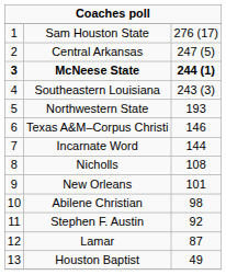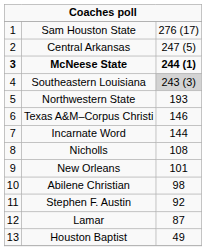 <table class="wikitable">
 <tr align="center">
 <td align="center" Colspan="3"><strong>Coaches poll</strong></td>
 </tr>
 <tr align="center">
 </tr>
 <tr align="center">
 <td>1</td>
 <td>Sam Houston State</td>
 <td>276 (17)</td>
 </tr>
 <tr align="center">
 <td>2</td>
 <td>Central Arkansas</td>
 <td>247 (5)</td>
 </tr>
 <tr align="center">
 <td><strong>3</strong></td>
 <td><strong>McNeese State</strong></td>
 <td><strong>244 (1)</strong></td>
 </tr>
 <tr align="center">
 <td>4</td>
 <td>Southeastern Louisiana</td>
-<td>243 (3)</td>
+<td style="background: lightgrey;">243 (3)</td>
 </tr>
 <tr align="center">
 <td>5</td>
 <td>Northwestern State</td>
 <td>193</td>
 </tr>
 <tr align="center">
 <td>6</td>
 <td>Texas A&M–Corpus Christi</td>
 <td>146</td>
 </tr>
 <tr align="center">
 <td>7</td>
 <td>Incarnate Word</td>
 <td>144</td>
 </tr>
 <tr align="center">
 <td>8</td>
 <td>Nicholls</td>
 <td>108</td>
 </tr>
 <tr align="center">
 <td>9</td>
 <td>New Orleans</td>
 <td>101</td>
 </tr>
 <tr align="center">
 <td>10</td>
 <td>Abilene Christian</td>
 <td>98</td>
 </tr>
 <tr align="center">
 <td>11</td>
 <td>Stephen F. Austin</td>
 <td>92</td>
 </tr>
 <tr align="center">
 <td>12</td>
 <td>Lamar</td>
 <td>87</td>
 </tr>
 <tr align="center">
 <td>13</td>
 <td>Houston Baptist</td>
 <td>49</td>
 </tr>
 <tr align="center">
 </tr>
 </table>
